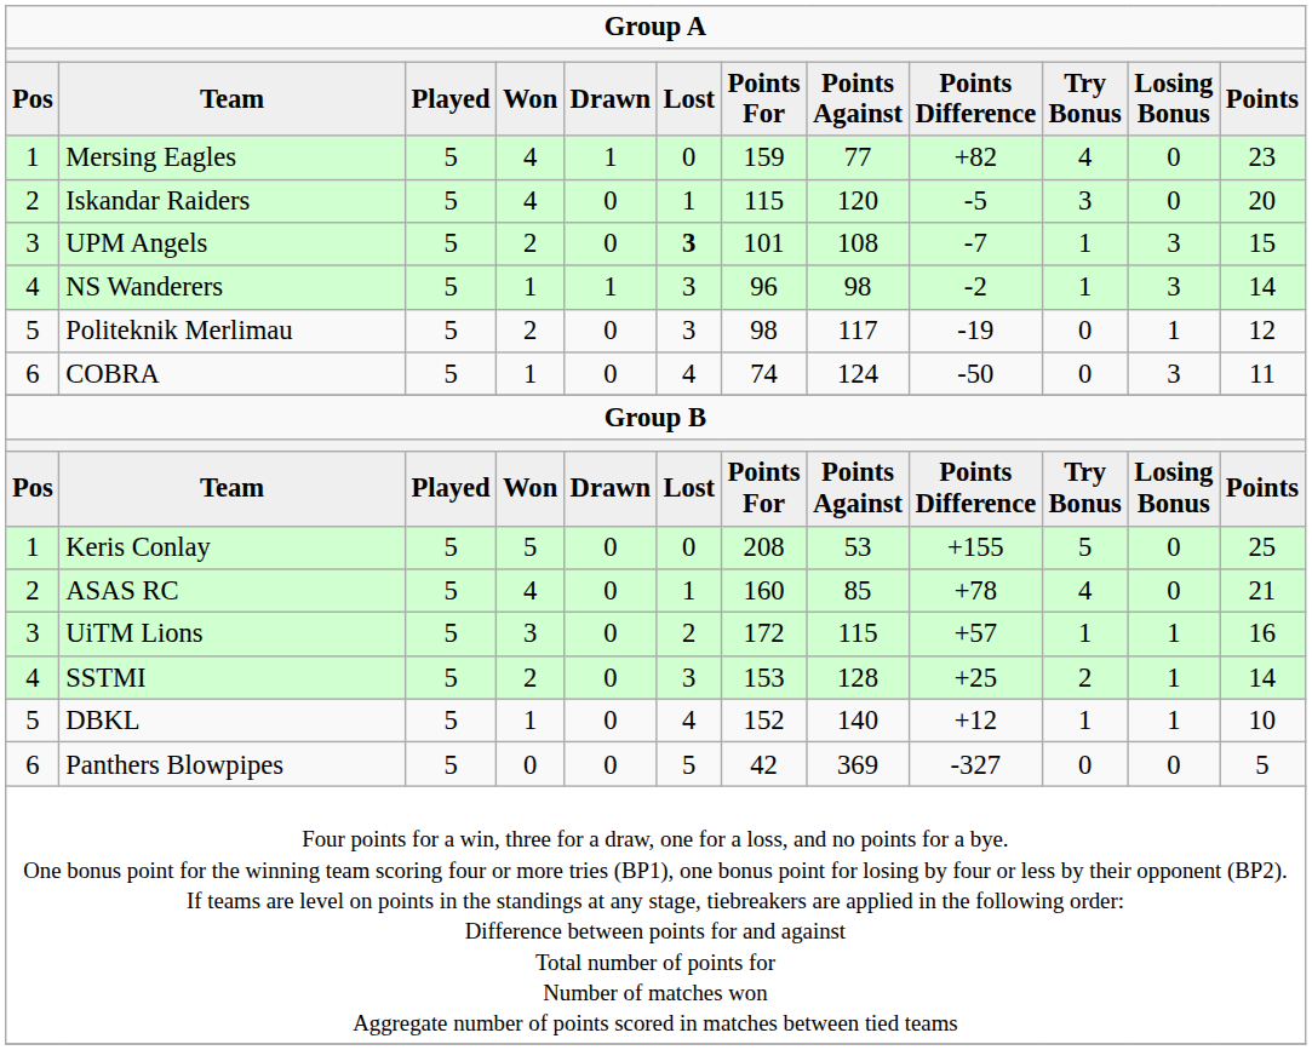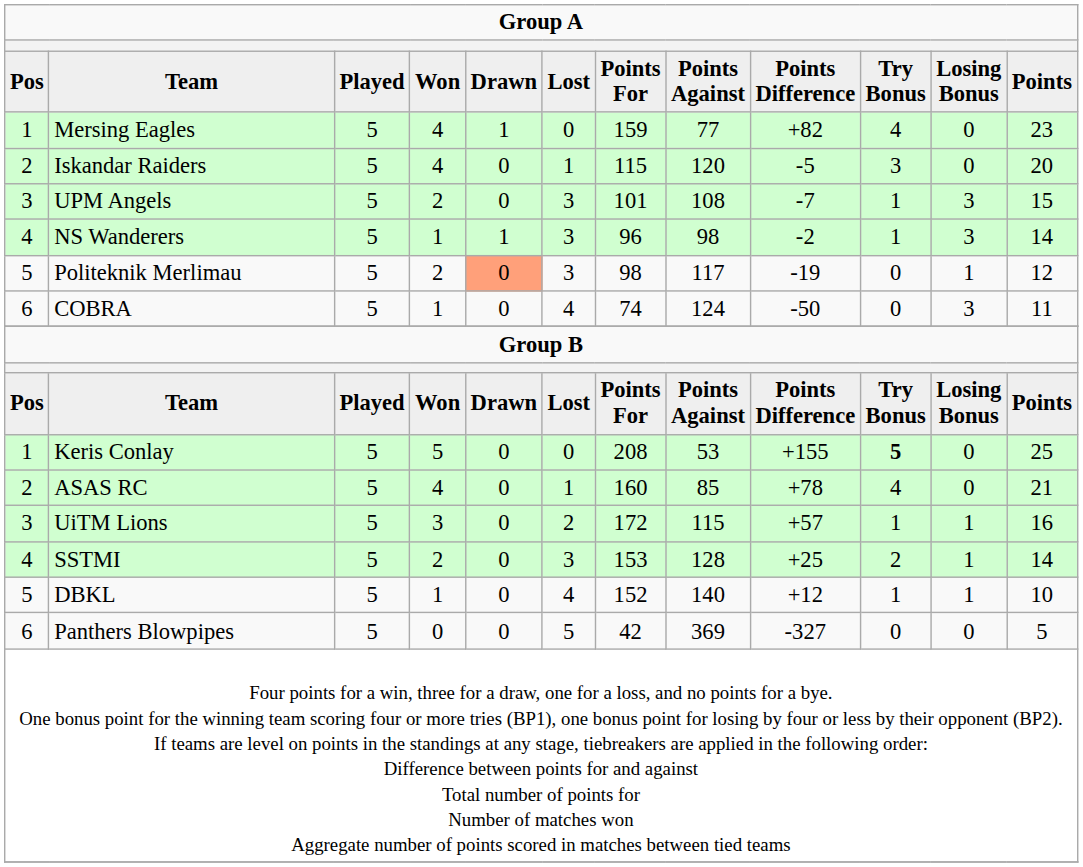 <table class="wikitable" style="text-align: center;">
 <tr bgcolor="#f9f9f9">
 <td colspan="15" cellpadding="0" cellspacing="0"><strong>Group A</strong></td>
 </tr>
 <tr bgcolor="#f3f3f3">
 <td colspan="15" cellpadding="0" cellspacing="0"></td>
 </tr>
 <tr style="font-weight: bold;">
 <td bgcolor="#efefef" width="20">Pos</td>
 <td bgcolor="#efefef" width="195">Team</td>
 <td bgcolor="#efefef" width="20">Played</td>
 <td bgcolor="#efefef" width="20">Won</td>
 <td bgcolor="#efefef" width="20">Drawn</td>
 <td bgcolor="#efefef" width="20">Lost</td>
 <td bgcolor="#efefef" width="20">Points For</td>
 <td bgcolor="#efefef" width="20">Points Against</td>
 <td bgcolor="#efefef" width="20">Points Difference</td>
 <td bgcolor="#efefef" width="20">Try Bonus</td>
 <td bgcolor="#efefef" width="20">Losing Bonus</td>
 <td bgcolor="#efefef" width="20">Points<br></td>
 </tr>
 <tr bgcolor=#d0ffd0 align=center>
 <td>1</td>
 <td align=left>Mersing Eagles</td>
 <td>5</td>
 <td>4</td>
 <td>1</td>
 <td>0</td>
 <td>159</td>
 <td>77</td>
 <td>+82</td>
 <td>4</td>
 <td>0</td>
 <td>23</td>
 </tr>
 <tr bgcolor=#d0ffd0 align=center>
 <td>2</td>
 <td align=left>Iskandar Raiders</td>
 <td>5</td>
 <td>4</td>
 <td>0</td>
 <td>1</td>
 <td>115</td>
 <td>120</td>
 <td>-5</td>
 <td>3</td>
 <td>0</td>
 <td>20</td>
 </tr>
 <tr bgcolor=#d0ffd0 align=center>
 <td>3</td>
 <td align=left>UPM Angels</td>
 <td>5</td>
 <td>2</td>
 <td>0</td>
-<td><strong>3</strong></td>
+<td>3</td>
 <td>101</td>
 <td>108</td>
 <td>-7</td>
 <td>1</td>
 <td>3</td>
 <td>15</td>
 </tr>
 <tr bgcolor=#d0ffd0 align=center>
 <td>4</td>
 <td align=left>NS Wanderers</td>
 <td>5</td>
 <td>1</td>
 <td>1</td>
 <td>3</td>
 <td>96</td>
 <td>98</td>
 <td>-2</td>
 <td>1</td>
 <td>3</td>
 <td>14</td>
 </tr>
 <tr align=center>
 <td>5</td>
 <td align=left>Politeknik Merlimau</td>
 <td>5</td>
 <td>2</td>
-<td>0</td>
+<td style="background: lightsalmon;">0</td>
 <td>3</td>
 <td>98</td>
 <td>117</td>
 <td>-19</td>
 <td>0</td>
 <td>1</td>
 <td>12</td>
 </tr>
 <tr align=center>
 <td>6</td>
 <td align=left>COBRA</td>
 <td>5</td>
 <td>1</td>
 <td>0</td>
 <td>4</td>
 <td>74</td>
 <td>124</td>
 <td>-50</td>
 <td>0</td>
 <td>3</td>
 <td>11</td>
 </tr>
 <tr>
 </tr>
 <tr bgcolor="#f9f9f9">
 <td colspan="15" cellpadding="0" cellspacing="0"><strong>Group B</strong></td>
 </tr>
 <tr bgcolor="#f3f3f3">
 <td colspan="15" cellpadding="0" cellspacing="0"></td>
 </tr>
 <tr style="font-weight: bold;">
 <td bgcolor="#efefef" width="20">Pos</td>
 <td bgcolor="#efefef" width="195">Team</td>
 <td bgcolor="#efefef" width="20">Played</td>
 <td bgcolor="#efefef" width="20">Won</td>
 <td bgcolor="#efefef" width="20">Drawn</td>
 <td bgcolor="#efefef" width="20">Lost</td>
 <td bgcolor="#efefef" width="20">Points For</td>
 <td bgcolor="#efefef" width="20">Points Against</td>
 <td bgcolor="#efefef" width="20">Points Difference</td>
 <td bgcolor="#efefef" width="20">Try Bonus</td>
 <td bgcolor="#efefef" width="20">Losing Bonus</td>
 <td bgcolor="#efefef" width="20">Points<br></td>
 </tr>
 <tr bgcolor=#d0ffd0 align=center>
 <td>1</td>
 <td align=left>Keris Conlay</td>
 <td>5</td>
 <td>5</td>
 <td>0</td>
 <td>0</td>
 <td>208</td>
 <td>53</td>
 <td>+155</td>
-<td>5</td>
+<td><strong>5</strong></td>
 <td>0</td>
 <td>25</td>
 </tr>
 <tr bgcolor=#d0ffd0 align=center>
 <td>2</td>
 <td align=left>ASAS RC</td>
 <td>5</td>
 <td>4</td>
 <td>0</td>
 <td>1</td>
 <td>160</td>
 <td>85</td>
 <td>+78</td>
 <td>4</td>
 <td>0</td>
 <td>21</td>
 </tr>
 <tr bgcolor=#d0ffd0 align=center>
 <td>3</td>
 <td align=left>UiTM Lions</td>
 <td>5</td>
 <td>3</td>
 <td>0</td>
 <td>2</td>
 <td>172</td>
 <td>115</td>
 <td>+57</td>
 <td>1</td>
 <td>1</td>
 <td>16</td>
 </tr>
 <tr bgcolor=#d0ffd0 align=center>
 <td>4</td>
 <td align=left>SSTMI</td>
 <td>5</td>
 <td>2</td>
 <td>0</td>
 <td>3</td>
 <td>153</td>
 <td>128</td>
 <td>+25</td>
 <td>2</td>
 <td>1</td>
 <td>14</td>
 </tr>
 <tr align=center>
 <td>5</td>
 <td align=left>DBKL</td>
 <td>5</td>
 <td>1</td>
 <td>0</td>
 <td>4</td>
 <td>152</td>
 <td>140</td>
 <td>+12</td>
 <td>1</td>
 <td>1</td>
 <td>10</td>
 </tr>
 <tr align=center>
 <td>6</td>
 <td align=left>Panthers Blowpipes</td>
 <td>5</td>
 <td>0</td>
 <td>0</td>
 <td>5</td>
 <td>42</td>
 <td>369</td>
 <td>-327</td>
 <td>0</td>
 <td>0</td>
 <td>5</td>
 </tr>
 <tr bgcolor="#ffffff" align=center>
 <td colspan="15"><br><small>Four points for a win, three for a draw, one for a loss, and no points for a bye.<br> One bonus point for the winning team scoring four or more tries (BP1), one bonus point for losing by four or less by their opponent (BP2).<br> If teams are level on points in the standings at any stage, tiebreakers are applied in the following order:<br>  Difference between points for and against<br>  Total number of points for<br>  Number of matches won<br>  Aggregate number of points scored in matches between tied teams<br></small></td>
 </tr>
 <tr |align=left|>
 </tr>
 </table>
